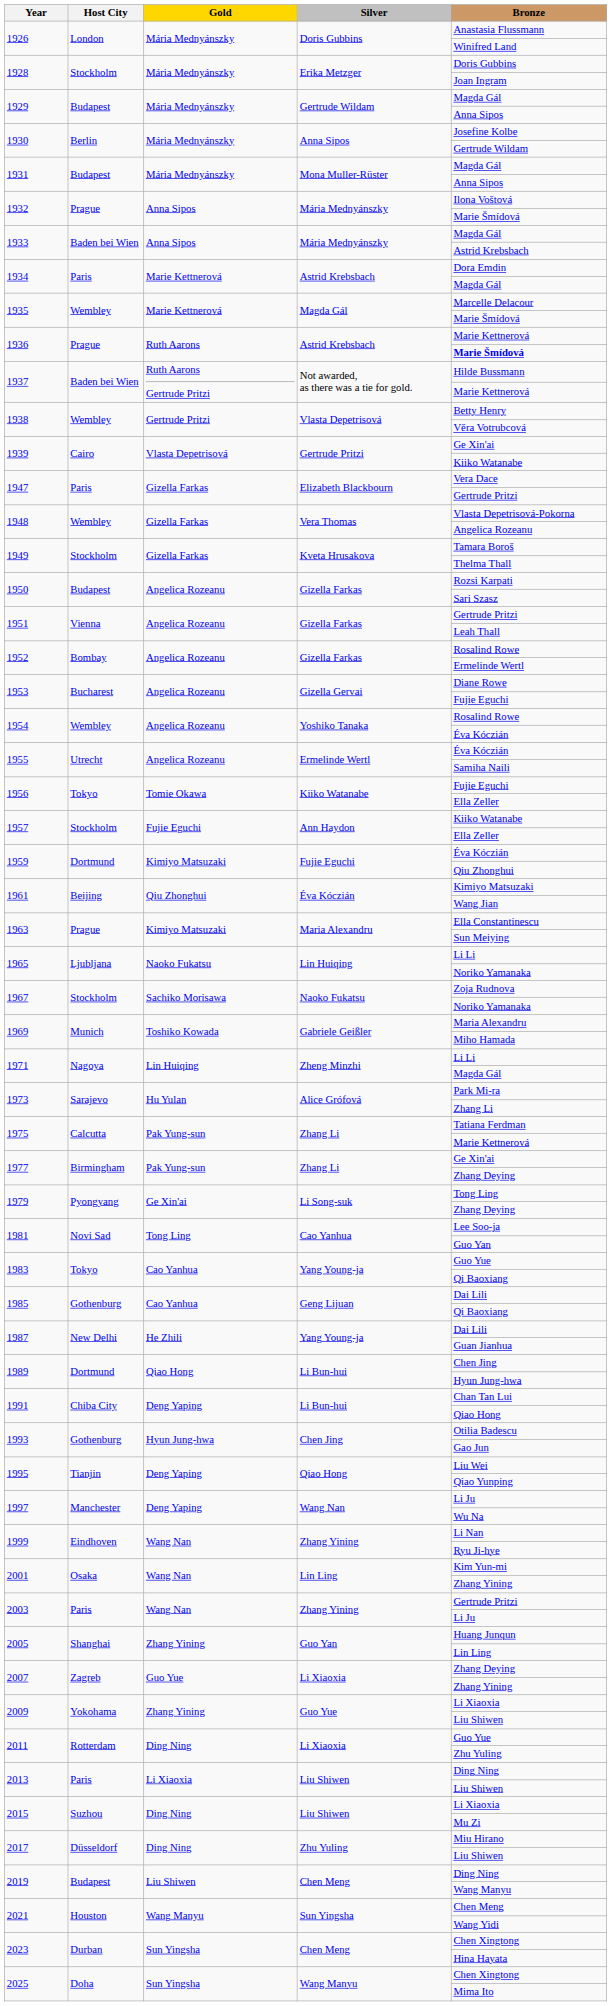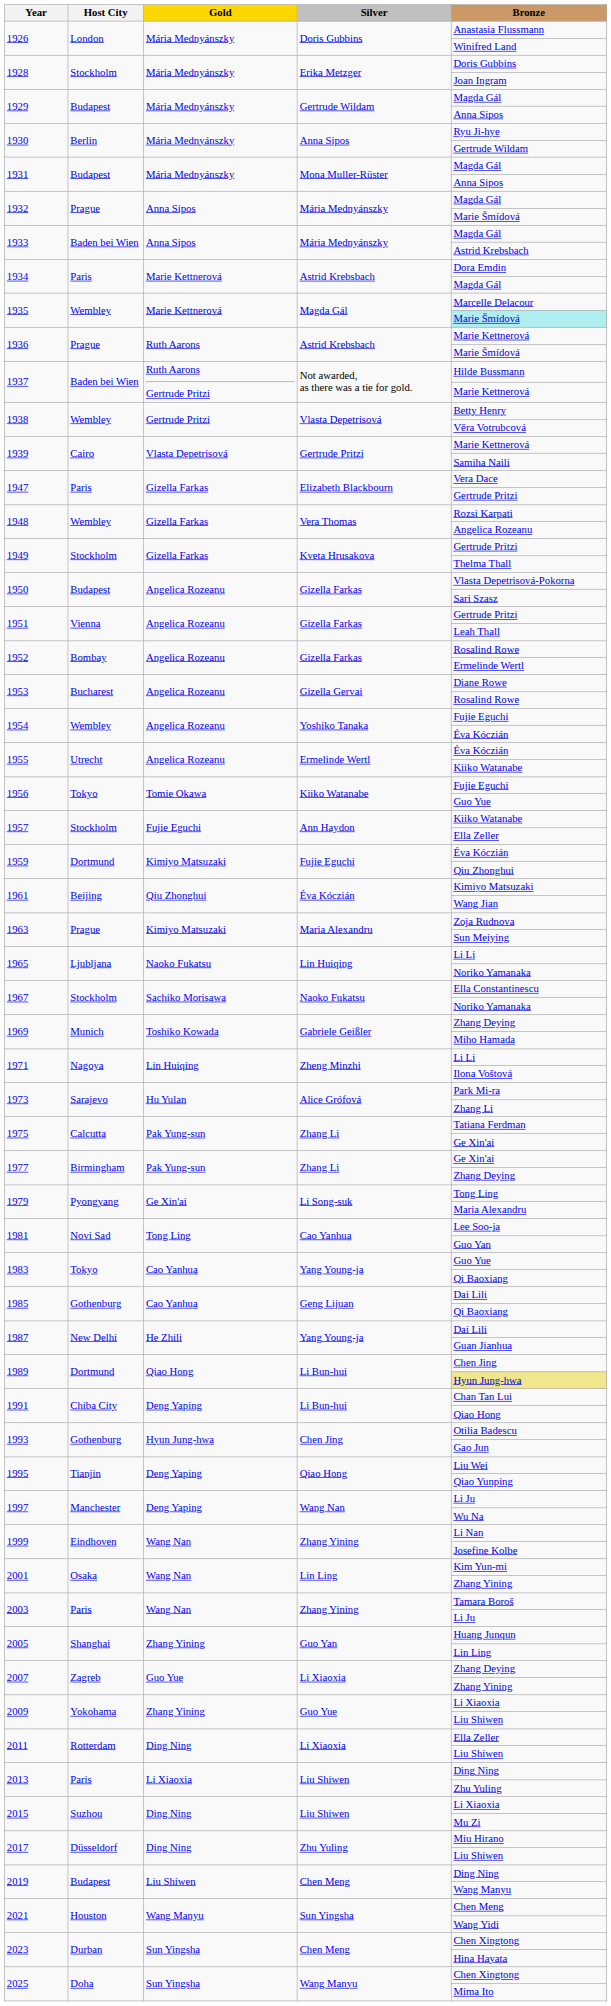 <table class="wikitable sortable" style="width:900px;">
 <tr>
 <th width="120">Year</th>
 <th width="120">Host City</th>
 <th width="300" style="background-color: gold">Gold</th>
 <th width="300" style="background-color: silver">Silver</th>
 <th width="300" style="background-color: #cc9966">Bronze</th>
 </tr>
 <tr>
 <td rowspan=2><a href='#'>1926</a></td>
 <td rowspan=2><a href='#'>London</a></td>
 <td rowspan=2> <a href='#'>Mária Mednyánszky</a></td>
 <td rowspan=2> <a href='#'>Doris Gubbins</a></td>
 <td> <a href='#'>Anastasia Flussmann</a></td>
 </tr>
 <tr>
 <td> <a href='#'>Winifred Land</a></td>
 </tr>
 <tr>
 <td rowspan=2><a href='#'>1928</a></td>
 <td rowspan=2><a href='#'>Stockholm</a></td>
 <td rowspan=2> <a href='#'>Mária Mednyánszky</a></td>
 <td rowspan=2> <a href='#'>Erika Metzger</a></td>
 <td> <a href='#'>Doris Gubbins</a></td>
 </tr>
 <tr>
 <td> <a href='#'>Joan Ingram</a></td>
 </tr>
 <tr>
 <td rowspan=2><a href='#'>1929</a></td>
 <td rowspan=2><a href='#'>Budapest</a></td>
 <td rowspan=2> <a href='#'>Mária Mednyánszky</a></td>
 <td rowspan=2> <a href='#'>Gertrude Wildam</a></td>
 <td> <a href='#'>Magda Gál</a></td>
 </tr>
 <tr>
 <td> <a href='#'>Anna Sipos</a></td>
 </tr>
 <tr>
 <td rowspan=2><a href='#'>1930</a></td>
 <td rowspan=2><a href='#'>Berlin</a></td>
 <td rowspan=2> <a href='#'>Mária Mednyánszky</a></td>
 <td rowspan=2> <a href='#'>Anna Sipos</a></td>
-<td> <a href='#'>Josefine Kolbe</a></td>
+<td> <a href='#'>Ryu Ji-hye</a></td>
 </tr>
 <tr>
 <td> <a href='#'>Gertrude Wildam</a></td>
 </tr>
 <tr>
 <td rowspan=2><a href='#'>1931</a></td>
 <td rowspan=2><a href='#'>Budapest</a></td>
 <td rowspan=2> <a href='#'>Mária Mednyánszky</a></td>
 <td rowspan=2> <a href='#'>Mona Muller-Rüster</a></td>
 <td> <a href='#'>Magda Gál</a></td>
 </tr>
 <tr>
 <td> <a href='#'>Anna Sipos</a></td>
 </tr>
 <tr>
 <td rowspan=2><a href='#'>1932</a></td>
 <td rowspan=2><a href='#'>Prague</a></td>
 <td rowspan=2> <a href='#'>Anna Sipos</a></td>
 <td rowspan=2> <a href='#'>Mária Mednyánszky</a></td>
-<td> <a href='#'>Ilona Voštová</a></td>
+<td> <a href='#'>Magda Gál</a></td>
 </tr>
 <tr>
 <td> <a href='#'>Marie Šmídová</a></td>
 </tr>
 <tr>
 <td rowspan=2><a href='#'>1933</a></td>
 <td rowspan=2><a href='#'>Baden bei Wien</a></td>
 <td rowspan=2> <a href='#'>Anna Sipos</a></td>
 <td rowspan=2> <a href='#'>Mária Mednyánszky</a></td>
 <td> <a href='#'>Magda Gál</a></td>
 </tr>
 <tr>
 <td> <a href='#'>Astrid Krebsbach</a></td>
 </tr>
 <tr>
 <td rowspan=2><a href='#'>1934</a></td>
 <td rowspan=2><a href='#'>Paris</a></td>
 <td rowspan=2> <a href='#'>Marie Kettnerová</a></td>
 <td rowspan=2> <a href='#'>Astrid Krebsbach</a></td>
 <td> <a href='#'>Dora Emdin</a></td>
 </tr>
 <tr>
 <td> <a href='#'>Magda Gál</a></td>
 </tr>
 <tr>
 <td rowspan=2><a href='#'>1935</a></td>
 <td rowspan=2><a href='#'>Wembley</a></td>
 <td rowspan=2> <a href='#'>Marie Kettnerová</a></td>
 <td rowspan=2> <a href='#'>Magda Gál</a></td>
 <td> <a href='#'>Marcelle Delacour</a></td>
 </tr>
 <tr>
-<td> <a href='#'>Marie Šmídová</a></td>
+<td style="background: paleturquoise;"> <a href='#'>Marie Šmídová</a></td>
 </tr>
 <tr>
 <td rowspan=2><a href='#'>1936</a></td>
 <td rowspan=2><a href='#'>Prague</a></td>
 <td rowspan=2> <a href='#'>Ruth Aarons</a></td>
 <td rowspan=2> <a href='#'>Astrid Krebsbach</a></td>
 <td> <a href='#'>Marie Kettnerová</a></td>
 </tr>
 <tr>
-<td><strong> <a href='#'>Marie Šmídová</a></strong></td>
+<td> <a href='#'>Marie Šmídová</a></td>
 </tr>
 <tr>
 <td rowspan=2><a href='#'>1937</a></td>
 <td rowspan=2><a href='#'>Baden bei Wien</a></td>
 <td rowspan=2> <a href='#'>Ruth Aarons</a><hr> <a href='#'>Gertrude Pritzi</a></td>
 <td rowspan=2>Not awarded,<br>as there was a tie for gold.</td>
 <td> <a href='#'>Hilde Bussmann</a></td>
 </tr>
 <tr>
 <td> <a href='#'>Marie Kettnerová</a></td>
 </tr>
 <tr>
 <td rowspan=2><a href='#'>1938</a></td>
 <td rowspan=2><a href='#'>Wembley</a></td>
 <td rowspan=2> <a href='#'>Gertrude Pritzi</a></td>
 <td rowspan=2> <a href='#'>Vlasta Depetrisová</a></td>
 <td> <a href='#'>Betty Henry</a></td>
 </tr>
 <tr>
 <td> <a href='#'>Věra Votrubcová</a></td>
 </tr>
 <tr>
 <td rowspan=2><a href='#'>1939</a></td>
 <td rowspan=2><a href='#'>Cairo</a></td>
 <td rowspan=2> <a href='#'>Vlasta Depetrisová</a></td>
 <td rowspan=2> <a href='#'>Gertrude Pritzi</a></td>
-<td> <a href='#'>Ge Xin'ai</a></td>
+<td> <a href='#'>Marie Kettnerová</a></td>
 </tr>
 <tr>
-<td> <a href='#'>Kiiko Watanabe</a></td>
+<td> <a href='#'>Samiha Naili</a></td>
 </tr>
 <tr>
 <td rowspan=2><a href='#'>1947</a></td>
 <td rowspan=2><a href='#'>Paris</a></td>
 <td rowspan=2> <a href='#'>Gizella Farkas</a></td>
 <td rowspan=2> <a href='#'>Elizabeth Blackbourn</a></td>
 <td> <a href='#'>Vera Dace</a></td>
 </tr>
 <tr>
 <td> <a href='#'>Gertrude Pritzi</a></td>
 </tr>
 <tr>
 <td rowspan=2><a href='#'>1948</a></td>
 <td rowspan=2><a href='#'>Wembley</a></td>
 <td rowspan=2> <a href='#'>Gizella Farkas</a></td>
 <td rowspan=2> <a href='#'>Vera Thomas</a></td>
-<td> <a href='#'>Vlasta Depetrisová-Pokorna</a></td>
+<td> <a href='#'>Rozsi Karpati</a></td>
 </tr>
 <tr>
 <td> <a href='#'>Angelica Rozeanu</a></td>
 </tr>
 <tr>
 <td rowspan=2><a href='#'>1949</a></td>
 <td rowspan=2><a href='#'>Stockholm</a></td>
 <td rowspan=2> <a href='#'>Gizella Farkas</a></td>
 <td rowspan=2> <a href='#'>Kveta Hrusakova</a></td>
-<td> <a href='#'>Tamara Boroš</a></td>
+<td> <a href='#'>Gertrude Pritzi</a></td>
 </tr>
 <tr>
 <td> <a href='#'>Thelma Thall</a></td>
 </tr>
 <tr>
 <td rowspan=2><a href='#'>1950</a></td>
 <td rowspan=2><a href='#'>Budapest</a></td>
 <td rowspan=2> <a href='#'>Angelica Rozeanu</a></td>
 <td rowspan=2> <a href='#'>Gizella Farkas</a></td>
-<td> <a href='#'>Rozsi Karpati</a></td>
+<td> <a href='#'>Vlasta Depetrisová-Pokorna</a></td>
 </tr>
 <tr>
 <td> <a href='#'>Sari Szasz</a></td>
 </tr>
 <tr>
 <td rowspan=2><a href='#'>1951</a></td>
 <td rowspan=2><a href='#'>Vienna</a></td>
 <td rowspan=2> <a href='#'>Angelica Rozeanu</a></td>
 <td rowspan=2> <a href='#'>Gizella Farkas</a></td>
 <td> <a href='#'>Gertrude Pritzi</a></td>
 </tr>
 <tr>
 <td> <a href='#'>Leah Thall</a></td>
 </tr>
 <tr>
 <td rowspan=2><a href='#'>1952</a></td>
 <td rowspan=2><a href='#'>Bombay</a></td>
 <td rowspan=2> <a href='#'>Angelica Rozeanu</a></td>
 <td rowspan=2> <a href='#'>Gizella Farkas</a></td>
 <td> <a href='#'>Rosalind Rowe</a></td>
 </tr>
 <tr>
 <td> <a href='#'>Ermelinde Wertl</a></td>
 </tr>
 <tr>
 <td rowspan=2><a href='#'>1953</a></td>
 <td rowspan=2><a href='#'>Bucharest</a></td>
 <td rowspan=2> <a href='#'>Angelica Rozeanu</a></td>
 <td rowspan=2> <a href='#'>Gizella Gervai</a></td>
 <td> <a href='#'>Diane Rowe</a></td>
 </tr>
 <tr>
-<td> <a href='#'>Fujie Eguchi</a></td>
+<td> <a href='#'>Rosalind Rowe</a></td>
 </tr>
 <tr>
 <td rowspan=2><a href='#'>1954</a></td>
 <td rowspan=2><a href='#'>Wembley</a></td>
 <td rowspan=2> <a href='#'>Angelica Rozeanu</a></td>
 <td rowspan=2> <a href='#'>Yoshiko Tanaka</a></td>
-<td> <a href='#'>Rosalind Rowe</a></td>
+<td> <a href='#'>Fujie Eguchi</a></td>
 </tr>
 <tr>
 <td> <a href='#'>Éva Kóczián</a></td>
 </tr>
 <tr>
 <td rowspan=2><a href='#'>1955</a></td>
 <td rowspan=2><a href='#'>Utrecht</a></td>
 <td rowspan=2> <a href='#'>Angelica Rozeanu</a></td>
 <td rowspan=2> <a href='#'>Ermelinde Wertl</a></td>
 <td> <a href='#'>Éva Kóczián</a></td>
 </tr>
 <tr>
-<td> <a href='#'>Samiha Naili</a></td>
+<td> <a href='#'>Kiiko Watanabe</a></td>
 </tr>
 <tr>
 <td rowspan=2><a href='#'>1956</a></td>
 <td rowspan=2><a href='#'>Tokyo</a></td>
 <td rowspan=2> <a href='#'>Tomie Okawa</a></td>
 <td rowspan=2> <a href='#'>Kiiko Watanabe</a></td>
 <td> <a href='#'>Fujie Eguchi</a></td>
 </tr>
 <tr>
-<td> <a href='#'>Ella Zeller</a></td>
+<td> <a href='#'>Guo Yue</a></td>
 </tr>
 <tr>
 <td rowspan=2><a href='#'>1957</a></td>
 <td rowspan=2><a href='#'>Stockholm</a></td>
 <td rowspan=2> <a href='#'>Fujie Eguchi</a></td>
 <td rowspan=2> <a href='#'>Ann Haydon</a></td>
 <td> <a href='#'>Kiiko Watanabe</a></td>
 </tr>
 <tr>
 <td> <a href='#'>Ella Zeller</a></td>
 </tr>
 <tr>
 <td rowspan=2><a href='#'>1959</a></td>
 <td rowspan=2><a href='#'>Dortmund</a></td>
 <td rowspan=2> <a href='#'>Kimiyo Matsuzaki</a></td>
 <td rowspan=2> <a href='#'>Fujie Eguchi</a></td>
 <td> <a href='#'>Éva Kóczián</a></td>
 </tr>
 <tr>
 <td> <a href='#'>Qiu Zhonghui</a></td>
 </tr>
 <tr>
 <td rowspan=2><a href='#'>1961</a></td>
 <td rowspan=2><a href='#'>Beijing</a></td>
 <td rowspan=2> <a href='#'>Qiu Zhonghui</a></td>
 <td rowspan=2> <a href='#'>Éva Kóczián</a></td>
 <td> <a href='#'>Kimiyo Matsuzaki</a></td>
 </tr>
 <tr>
 <td> <a href='#'>Wang Jian</a></td>
 </tr>
 <tr>
 <td rowspan=2><a href='#'>1963</a></td>
 <td rowspan=2><a href='#'>Prague</a></td>
 <td rowspan=2> <a href='#'>Kimiyo Matsuzaki</a></td>
 <td rowspan=2> <a href='#'>Maria Alexandru</a></td>
-<td> <a href='#'>Ella Constantinescu</a></td>
+<td> <a href='#'>Zoja Rudnova</a></td>
 </tr>
 <tr>
 <td> <a href='#'>Sun Meiying</a></td>
 </tr>
 <tr>
 <td rowspan=2><a href='#'>1965</a></td>
 <td rowspan=2><a href='#'>Ljubljana</a></td>
 <td rowspan=2> <a href='#'>Naoko Fukatsu</a></td>
 <td rowspan=2> <a href='#'>Lin Huiqing</a></td>
 <td> <a href='#'>Li Li</a></td>
 </tr>
 <tr>
 <td> <a href='#'>Noriko Yamanaka</a></td>
 </tr>
 <tr>
 <td rowspan=2><a href='#'>1967</a></td>
 <td rowspan=2><a href='#'>Stockholm</a></td>
 <td rowspan=2> <a href='#'>Sachiko Morisawa</a></td>
 <td rowspan=2> <a href='#'>Naoko Fukatsu</a></td>
-<td> <a href='#'>Zoja Rudnova</a></td>
+<td> <a href='#'>Ella Constantinescu</a></td>
 </tr>
 <tr>
 <td> <a href='#'>Noriko Yamanaka</a></td>
 </tr>
 <tr>
 <td rowspan=2><a href='#'>1969</a></td>
 <td rowspan=2><a href='#'>Munich</a></td>
 <td rowspan=2> <a href='#'>Toshiko Kowada</a></td>
 <td rowspan=2> <a href='#'>Gabriele Geißler</a></td>
-<td> <a href='#'>Maria Alexandru</a></td>
+<td> <a href='#'>Zhang Deying</a></td>
 </tr>
 <tr>
 <td> <a href='#'>Miho Hamada</a></td>
 </tr>
 <tr>
 <td rowspan=2><a href='#'>1971</a></td>
 <td rowspan=2><a href='#'>Nagoya</a></td>
 <td rowspan=2> <a href='#'>Lin Huiqing</a></td>
 <td rowspan=2> <a href='#'>Zheng Minzhi</a></td>
 <td> <a href='#'>Li Li</a></td>
 </tr>
 <tr>
-<td> <a href='#'>Magda Gál</a></td>
+<td> <a href='#'>Ilona Voštová</a></td>
 </tr>
 <tr>
 <td rowspan=2><a href='#'>1973</a></td>
 <td rowspan=2><a href='#'>Sarajevo</a></td>
 <td rowspan=2> <a href='#'>Hu Yulan</a></td>
 <td rowspan=2> <a href='#'>Alice Grófová</a></td>
 <td> <a href='#'>Park Mi-ra</a></td>
 </tr>
 <tr>
 <td> <a href='#'>Zhang Li</a></td>
 </tr>
 <tr>
 <td rowspan=2><a href='#'>1975</a></td>
 <td rowspan=2><a href='#'>Calcutta</a></td>
 <td rowspan=2> <a href='#'>Pak Yung-sun</a></td>
 <td rowspan=2> <a href='#'>Zhang Li</a></td>
 <td> <a href='#'>Tatiana Ferdman</a></td>
 </tr>
 <tr>
-<td> <a href='#'>Marie Kettnerová</a></td>
+<td> <a href='#'>Ge Xin'ai</a></td>
 </tr>
 <tr>
 <td rowspan=2><a href='#'>1977</a></td>
 <td rowspan=2><a href='#'>Birmingham</a></td>
 <td rowspan=2> <a href='#'>Pak Yung-sun</a></td>
 <td rowspan=2> <a href='#'>Zhang Li</a></td>
 <td> <a href='#'>Ge Xin'ai</a></td>
 </tr>
 <tr>
 <td> <a href='#'>Zhang Deying</a></td>
 </tr>
 <tr>
 <td rowspan=2><a href='#'>1979</a></td>
 <td rowspan=2><a href='#'>Pyongyang</a></td>
 <td rowspan=2> <a href='#'>Ge Xin'ai</a></td>
 <td rowspan=2> <a href='#'>Li Song-suk</a></td>
 <td> <a href='#'>Tong Ling</a></td>
 </tr>
 <tr>
-<td> <a href='#'>Zhang Deying</a></td>
+<td> <a href='#'>Maria Alexandru</a></td>
 </tr>
 <tr>
 <td rowspan=2><a href='#'>1981</a></td>
 <td rowspan=2><a href='#'>Novi Sad</a></td>
 <td rowspan=2> <a href='#'>Tong Ling</a></td>
 <td rowspan=2> <a href='#'>Cao Yanhua</a></td>
 <td> <a href='#'>Lee Soo-ja</a></td>
 </tr>
 <tr>
 <td> <a href='#'>Guo Yan</a></td>
 </tr>
 <tr>
 <td rowspan=2><a href='#'>1983</a></td>
 <td rowspan=2><a href='#'>Tokyo</a></td>
 <td rowspan=2> <a href='#'>Cao Yanhua</a></td>
 <td rowspan=2> <a href='#'>Yang Young-ja</a></td>
 <td> <a href='#'>Guo Yue</a></td>
 </tr>
 <tr>
 <td> <a href='#'>Qi Baoxiang</a></td>
 </tr>
 <tr>
 <td rowspan=2><a href='#'>1985</a></td>
 <td rowspan=2><a href='#'>Gothenburg</a></td>
 <td rowspan=2> <a href='#'>Cao Yanhua</a></td>
 <td rowspan=2> <a href='#'>Geng Lijuan</a></td>
 <td> <a href='#'>Dai Lili</a></td>
 </tr>
 <tr>
 <td> <a href='#'>Qi Baoxiang</a></td>
 </tr>
 <tr>
 <td rowspan=2><a href='#'>1987</a></td>
 <td rowspan=2><a href='#'>New Delhi</a></td>
 <td rowspan=2> <a href='#'>He Zhili</a></td>
 <td rowspan=2> <a href='#'>Yang Young-ja</a></td>
 <td> <a href='#'>Dai Lili</a></td>
 </tr>
 <tr>
 <td> <a href='#'>Guan Jianhua</a></td>
 </tr>
 <tr>
 <td rowspan=2><a href='#'>1989</a></td>
 <td rowspan=2><a href='#'>Dortmund</a></td>
 <td rowspan=2> <a href='#'>Qiao Hong</a></td>
 <td rowspan=2> <a href='#'>Li Bun-hui</a></td>
 <td> <a href='#'>Chen Jing</a></td>
 </tr>
 <tr>
-<td> <a href='#'>Hyun Jung-hwa</a></td>
+<td style="background: khaki;"> <a href='#'>Hyun Jung-hwa</a></td>
 </tr>
 <tr>
 <td rowspan=2><a href='#'>1991</a></td>
 <td rowspan=2><a href='#'>Chiba City</a></td>
 <td rowspan=2> <a href='#'>Deng Yaping</a></td>
 <td rowspan=2> <a href='#'>Li Bun-hui</a></td>
 <td> <a href='#'>Chan Tan Lui</a></td>
 </tr>
 <tr>
 <td> <a href='#'>Qiao Hong</a></td>
 </tr>
 <tr>
 <td rowspan=2><a href='#'>1993</a></td>
 <td rowspan=2><a href='#'>Gothenburg</a></td>
 <td rowspan=2> <a href='#'>Hyun Jung-hwa</a></td>
 <td rowspan=2> <a href='#'>Chen Jing</a></td>
 <td> <a href='#'>Otilia Badescu</a></td>
 </tr>
 <tr>
 <td> <a href='#'>Gao Jun</a></td>
 </tr>
 <tr>
 <td rowspan=2><a href='#'>1995</a></td>
 <td rowspan=2><a href='#'>Tianjin</a></td>
 <td rowspan=2> <a href='#'>Deng Yaping</a></td>
 <td rowspan=2> <a href='#'>Qiao Hong</a></td>
 <td> <a href='#'>Liu Wei</a></td>
 </tr>
 <tr>
 <td> <a href='#'>Qiao Yunping</a></td>
 </tr>
 <tr>
 <td rowspan=2><a href='#'>1997</a></td>
 <td rowspan=2><a href='#'>Manchester</a></td>
 <td rowspan=2> <a href='#'>Deng Yaping</a></td>
 <td rowspan=2> <a href='#'>Wang Nan</a></td>
 <td> <a href='#'>Li Ju</a></td>
 </tr>
 <tr>
 <td> <a href='#'>Wu Na</a></td>
 </tr>
 <tr>
 <td rowspan=2><a href='#'>1999</a></td>
 <td rowspan=2><a href='#'>Eindhoven</a></td>
 <td rowspan=2> <a href='#'>Wang Nan</a></td>
 <td rowspan=2> <a href='#'>Zhang Yining</a></td>
 <td> <a href='#'>Li Nan</a></td>
 </tr>
 <tr>
-<td> <a href='#'>Ryu Ji-hye</a></td>
+<td> <a href='#'>Josefine Kolbe</a></td>
 </tr>
 <tr>
 <td rowspan=2><a href='#'>2001</a></td>
 <td rowspan=2><a href='#'>Osaka</a></td>
 <td rowspan=2> <a href='#'>Wang Nan</a></td>
 <td rowspan=2> <a href='#'>Lin Ling</a></td>
 <td> <a href='#'>Kim Yun-mi</a></td>
 </tr>
 <tr>
 <td> <a href='#'>Zhang Yining</a></td>
 </tr>
 <tr>
 <td rowspan=2><a href='#'>2003</a></td>
 <td rowspan=2><a href='#'>Paris</a></td>
 <td rowspan=2> <a href='#'>Wang Nan</a></td>
 <td rowspan=2> <a href='#'>Zhang Yining</a></td>
-<td> <a href='#'>Gertrude Pritzi</a></td>
+<td> <a href='#'>Tamara Boroš</a></td>
 </tr>
 <tr>
 <td> <a href='#'>Li Ju</a></td>
 </tr>
 <tr>
 <td rowspan=2><a href='#'>2005</a></td>
 <td rowspan=2><a href='#'>Shanghai</a></td>
 <td rowspan=2> <a href='#'>Zhang Yining</a></td>
 <td rowspan=2> <a href='#'>Guo Yan</a></td>
 <td> <a href='#'>Huang Junqun</a></td>
 </tr>
 <tr>
 <td> <a href='#'>Lin Ling</a></td>
 </tr>
 <tr>
 <td rowspan=2><a href='#'>2007</a></td>
 <td rowspan=2><a href='#'>Zagreb</a></td>
 <td rowspan=2> <a href='#'>Guo Yue</a></td>
 <td rowspan=2> <a href='#'>Li Xiaoxia</a></td>
 <td> <a href='#'>Zhang Deying</a></td>
 </tr>
 <tr>
 <td> <a href='#'>Zhang Yining</a></td>
 </tr>
 <tr>
 <td rowspan=2><a href='#'>2009</a></td>
 <td rowspan=2><a href='#'>Yokohama</a></td>
 <td rowspan=2> <a href='#'>Zhang Yining</a></td>
 <td rowspan=2> <a href='#'>Guo Yue</a></td>
 <td> <a href='#'>Li Xiaoxia</a></td>
 </tr>
 <tr>
 <td> <a href='#'>Liu Shiwen</a></td>
 </tr>
 <tr>
 <td rowspan=2><a href='#'>2011</a></td>
 <td rowspan=2><a href='#'>Rotterdam</a></td>
 <td rowspan=2> <a href='#'>Ding Ning</a></td>
 <td rowspan=2> <a href='#'>Li Xiaoxia</a></td>
-<td> <a href='#'>Guo Yue</a></td>
+<td> <a href='#'>Ella Zeller</a></td>
 </tr>
 <tr>
-<td> <a href='#'>Zhu Yuling</a></td>
+<td> <a href='#'>Liu Shiwen</a></td>
 </tr>
 <tr>
 <td rowspan=2><a href='#'>2013</a></td>
 <td rowspan=2><a href='#'>Paris</a></td>
 <td rowspan=2> <a href='#'>Li Xiaoxia</a></td>
 <td rowspan=2> <a href='#'>Liu Shiwen</a></td>
 <td> <a href='#'>Ding Ning</a></td>
 </tr>
 <tr>
-<td> <a href='#'>Liu Shiwen</a></td>
+<td> <a href='#'>Zhu Yuling</a></td>
 </tr>
 <tr>
 <td rowspan=2><a href='#'>2015</a></td>
 <td rowspan=2><a href='#'>Suzhou</a></td>
 <td rowspan=2> <a href='#'>Ding Ning</a></td>
 <td rowspan=2> <a href='#'>Liu Shiwen</a></td>
 <td> <a href='#'>Li Xiaoxia</a></td>
 </tr>
 <tr>
 <td> <a href='#'>Mu Zi</a></td>
 </tr>
 <tr>
 <td rowspan=2><a href='#'>2017</a></td>
 <td rowspan=2><a href='#'>Düsseldorf</a></td>
 <td rowspan=2> <a href='#'>Ding Ning</a></td>
 <td rowspan=2> <a href='#'>Zhu Yuling</a></td>
 <td> <a href='#'>Miu Hirano</a></td>
 </tr>
 <tr>
 <td> <a href='#'>Liu Shiwen</a></td>
 </tr>
 <tr>
 <td rowspan=2><a href='#'>2019</a></td>
 <td rowspan=2><a href='#'>Budapest</a></td>
 <td rowspan=2> <a href='#'>Liu Shiwen</a></td>
 <td rowspan=2> <a href='#'>Chen Meng</a></td>
 <td> <a href='#'>Ding Ning</a></td>
 </tr>
 <tr>
 <td> <a href='#'>Wang Manyu</a></td>
 </tr>
 <tr>
 <td rowspan=2><a href='#'>2021</a></td>
 <td rowspan=2><a href='#'>Houston</a></td>
 <td rowspan=2> <a href='#'>Wang Manyu</a></td>
 <td rowspan=2> <a href='#'>Sun Yingsha</a></td>
 <td> <a href='#'>Chen Meng</a></td>
 </tr>
 <tr>
 <td> <a href='#'>Wang Yidi</a></td>
 </tr>
 <tr>
 <td rowspan=2><a href='#'>2023</a></td>
 <td rowspan=2><a href='#'>Durban</a></td>
 <td rowspan=2> <a href='#'>Sun Yingsha</a></td>
 <td rowspan=2> <a href='#'>Chen Meng</a></td>
 <td> <a href='#'>Chen Xingtong</a></td>
 </tr>
 <tr>
 <td> <a href='#'>Hina Hayata</a></td>
 </tr>
 <tr>
 <td rowspan=2><a href='#'>2025</a></td>
 <td rowspan=2><a href='#'>Doha</a></td>
 <td rowspan=2> <a href='#'>Sun Yingsha</a></td>
 <td rowspan=2> <a href='#'>Wang Manyu</a></td>
 <td> <a href='#'>Chen Xingtong</a></td>
 </tr>
 <tr>
 <td> <a href='#'>Mima Ito</a></td>
 </tr>
 </table>
